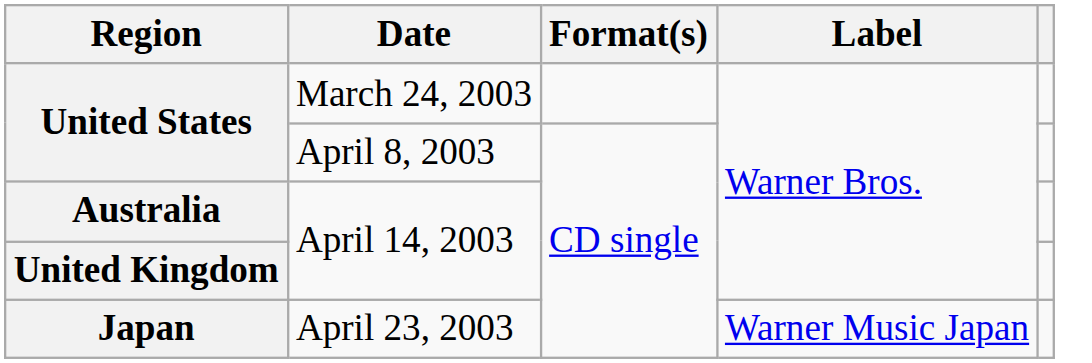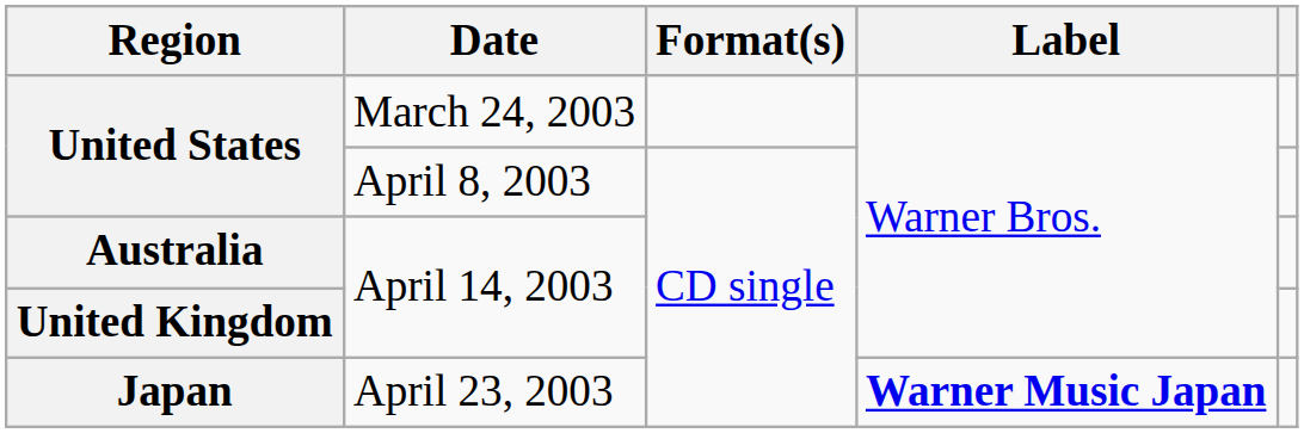 <table class="wikitable plainrowheaders">
 <tr>
 <th scope="col">Region</th>
 <th scope="col">Date</th>
 <th scope="col">Format(s)</th>
 <th scope="col">Label</th>
 <th scope="col"></th>
 </tr>
 <tr>
 <th scope="row" rowspan="2">United States</th>
 <td>March 24, 2003</td>
 <td></td>
 <td rowspan="4"><a href='#'>Warner Bros.</a></td>
 <td></td>
 </tr>
 <tr>
 <td>April 8, 2003</td>
 <td rowspan="4"><a href='#'>CD single</a></td>
 <td></td>
 </tr>
 <tr>
 <th scope="row">Australia</th>
 <td rowspan="2">April 14, 2003</td>
 <td></td>
 </tr>
 <tr>
 <th scope="row">United Kingdom</th>
 <td></td>
 </tr>
 <tr>
 <th scope="row">Japan</th>
 <td>April 23, 2003</td>
-<td><a href='#'>Warner Music Japan</a></td>
+<td><strong><a href='#'>Warner Music Japan</a></strong></td>
 <td></td>
 </tr>
 </table>
